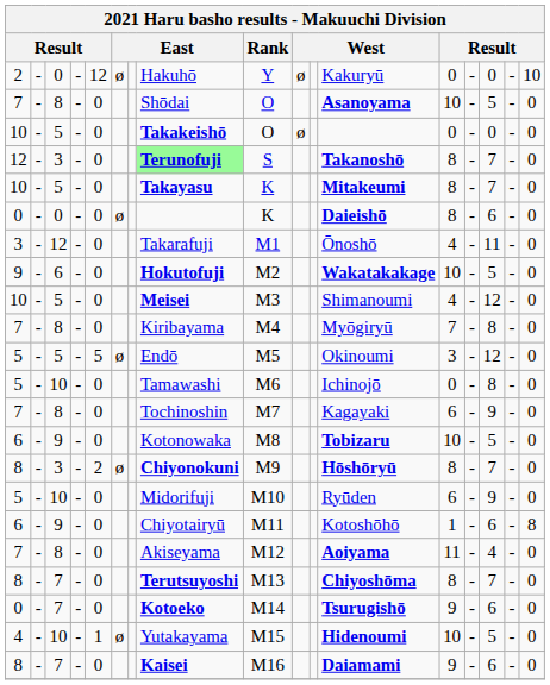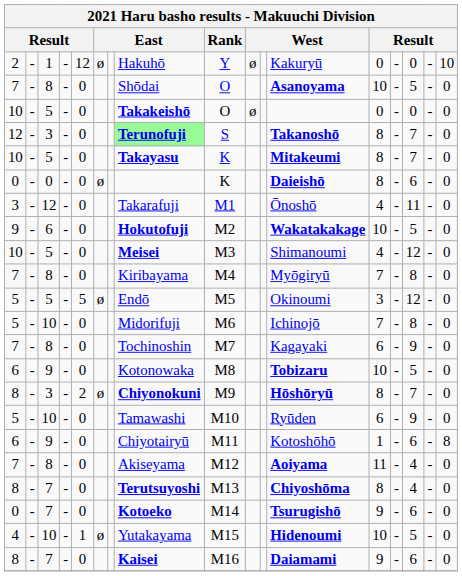 <table class="wikitable" style="text-align:center">
 <tr>
 <th colspan="17">2021 Haru basho results - Makuuchi Division</th>
 </tr>
 <tr>
 <th colspan="5">Result</th>
 <th colspan="3">East</th>
 <th>Rank</th>
 <th colspan="3">West</th>
 <th colspan="5">Result</th>
 </tr>
 <tr>
 <td>2</td>
 <td>-</td>
-<td>0</td>
+<td>1</td>
 <td>-</td>
 <td>12</td>
 <td>ø</td>
 <td></td>
 <td style="text-align:left;"><a href='#'>Hakuhō</a></td>
 <td><a href='#'>Y</a></td>
 <td>ø</td>
 <td></td>
 <td style="text-align:left;"><a href='#'>Kakuryū</a></td>
 <td>0</td>
 <td>-</td>
 <td>0</td>
 <td>-</td>
 <td>10</td>
 </tr>
 <tr>
 <td>7</td>
 <td>-</td>
 <td>8</td>
 <td>-</td>
 <td>0</td>
 <td></td>
 <td></td>
 <td style="text-align:left;"><a href='#'>Shōdai</a></td>
 <td><a href='#'>O</a></td>
 <td></td>
 <td></td>
 <td style="text-align:left;"><strong><a href='#'>Asanoyama</a></strong></td>
 <td>10</td>
 <td>-</td>
 <td>5</td>
 <td>-</td>
 <td>0</td>
 </tr>
 <tr>
 <td>10</td>
 <td>-</td>
 <td>5</td>
 <td>-</td>
 <td>0</td>
 <td></td>
 <td></td>
 <td style="text-align:left;"><strong><a href='#'>Takakeishō</a></strong></td>
 <td>O</td>
 <td>ø</td>
 <td></td>
 <td></td>
 <td>0</td>
 <td>-</td>
 <td>0</td>
 <td>-</td>
 <td>0</td>
 </tr>
 <tr>
 <td>12</td>
 <td>-</td>
 <td>3</td>
 <td>-</td>
 <td>0</td>
 <td></td>
 <td></td>
 <td style="text-align:left;background: PaleGreen;"><strong><a href='#'>Terunofuji</a></strong></td>
 <td><a href='#'>S</a></td>
 <td></td>
 <td></td>
 <td style="text-align:left;"><strong><a href='#'>Takanoshō</a></strong></td>
 <td>8</td>
 <td>-</td>
 <td>7</td>
 <td>-</td>
 <td>0</td>
 </tr>
 <tr>
 <td>10</td>
 <td>-</td>
 <td>5</td>
 <td>-</td>
 <td>0</td>
 <td></td>
 <td></td>
 <td style="text-align:left;"><strong><a href='#'>Takayasu</a></strong></td>
 <td><a href='#'>K</a></td>
 <td></td>
 <td></td>
 <td style="text-align:left;"><strong><a href='#'>Mitakeumi</a></strong></td>
 <td>8</td>
 <td>-</td>
 <td>7</td>
 <td>-</td>
 <td>0</td>
 </tr>
 <tr>
 <td>0</td>
 <td>-</td>
 <td>0</td>
 <td>-</td>
 <td>0</td>
 <td>ø</td>
 <td></td>
 <td></td>
 <td>K</td>
 <td></td>
 <td></td>
 <td style="text-align:left;"><strong><a href='#'>Daieishō</a></strong></td>
 <td>8</td>
 <td>-</td>
 <td>6</td>
 <td>-</td>
 <td>0</td>
 </tr>
 <tr>
 <td>3</td>
 <td>-</td>
 <td>12</td>
 <td>-</td>
 <td>0</td>
 <td></td>
 <td></td>
 <td style="text-align:left;"><a href='#'>Takarafuji</a></td>
 <td><a href='#'>M1</a></td>
 <td></td>
 <td></td>
 <td style="text-align:left;"><a href='#'>Ōnoshō</a></td>
 <td>4</td>
 <td>-</td>
 <td>11</td>
 <td>-</td>
 <td>0</td>
 </tr>
 <tr>
 <td>9</td>
 <td>-</td>
 <td>6</td>
 <td>-</td>
 <td>0</td>
 <td></td>
 <td></td>
 <td style="text-align:left;"><strong><a href='#'>Hokutofuji</a></strong></td>
 <td>M2</td>
 <td></td>
 <td></td>
 <td style="text-align:left;"><strong><a href='#'>Wakatakakage</a></strong></td>
 <td>10</td>
 <td>-</td>
 <td>5</td>
 <td>-</td>
 <td>0</td>
 </tr>
 <tr>
 <td>10</td>
 <td>-</td>
 <td>5</td>
 <td>-</td>
 <td>0</td>
 <td></td>
 <td></td>
 <td style="text-align:left;"><strong><a href='#'>Meisei</a></strong></td>
 <td>M3</td>
 <td></td>
 <td></td>
 <td style="text-align:left;"><a href='#'>Shimanoumi</a></td>
 <td>4</td>
 <td>-</td>
 <td>12</td>
 <td>-</td>
 <td>0</td>
 </tr>
 <tr>
 <td>7</td>
 <td>-</td>
 <td>8</td>
 <td>-</td>
 <td>0</td>
 <td></td>
 <td></td>
 <td style="text-align:left;"><a href='#'>Kiribayama</a></td>
 <td>M4</td>
 <td></td>
 <td></td>
 <td style="text-align:left;"><a href='#'>Myōgiryū</a></td>
 <td>7</td>
 <td>-</td>
 <td>8</td>
 <td>-</td>
 <td>0</td>
 </tr>
 <tr>
 <td>5</td>
 <td>-</td>
 <td>5</td>
 <td>-</td>
 <td>5</td>
 <td>ø</td>
 <td></td>
 <td style="text-align:left;"><a href='#'>Endō</a></td>
 <td>M5</td>
 <td></td>
 <td></td>
 <td style="text-align:left;"><a href='#'>Okinoumi</a></td>
 <td>3</td>
 <td>-</td>
 <td>12</td>
 <td>-</td>
 <td>0</td>
 </tr>
 <tr>
 <td>5</td>
 <td>-</td>
 <td>10</td>
 <td>-</td>
 <td>0</td>
 <td></td>
 <td></td>
-<td style="text-align:left;"><a href='#'>Tamawashi</a></td>
+<td style="text-align:left;"><a href='#'>Midorifuji</a></td>
 <td>M6</td>
 <td></td>
 <td></td>
 <td style="text-align:left;"><a href='#'>Ichinojō</a></td>
-<td>0</td>
+<td>7</td>
 <td>-</td>
 <td>8</td>
 <td>-</td>
 <td>0</td>
 </tr>
 <tr>
 <td>7</td>
 <td>-</td>
 <td>8</td>
 <td>-</td>
 <td>0</td>
 <td></td>
 <td></td>
 <td style="text-align:left;"><a href='#'>Tochinoshin</a></td>
 <td>M7</td>
 <td></td>
 <td></td>
 <td style="text-align:left;"><a href='#'>Kagayaki</a></td>
 <td>6</td>
 <td>-</td>
 <td>9</td>
 <td>-</td>
 <td>0</td>
 </tr>
 <tr>
 <td>6</td>
 <td>-</td>
 <td>9</td>
 <td>-</td>
 <td>0</td>
 <td></td>
 <td></td>
 <td style="text-align:left;"><a href='#'>Kotonowaka</a></td>
 <td>M8</td>
 <td></td>
 <td></td>
 <td style="text-align:left;"><strong><a href='#'>Tobizaru</a></strong></td>
 <td>10</td>
 <td>-</td>
 <td>5</td>
 <td>-</td>
 <td>0</td>
 </tr>
 <tr>
 <td>8</td>
 <td>-</td>
 <td>3</td>
 <td>-</td>
 <td>2</td>
 <td>ø</td>
 <td></td>
 <td style="text-align:left;"><strong><a href='#'>Chiyonokuni</a></strong></td>
 <td>M9</td>
 <td></td>
 <td></td>
 <td style="text-align:left;"><strong><a href='#'>Hōshōryū</a></strong></td>
 <td>8</td>
 <td>-</td>
 <td>7</td>
 <td>-</td>
 <td>0</td>
 </tr>
 <tr>
 <td>5</td>
 <td>-</td>
 <td>10</td>
 <td>-</td>
 <td>0</td>
 <td></td>
 <td></td>
-<td style="text-align:left;"><a href='#'>Midorifuji</a></td>
+<td style="text-align:left;"><a href='#'>Tamawashi</a></td>
 <td>M10</td>
 <td></td>
 <td></td>
 <td style="text-align:left;"><a href='#'>Ryūden</a></td>
 <td>6</td>
 <td>-</td>
 <td>9</td>
 <td>-</td>
 <td>0</td>
 </tr>
 <tr>
 <td>6</td>
 <td>-</td>
 <td>9</td>
 <td>-</td>
 <td>0</td>
 <td></td>
 <td></td>
 <td style="text-align:left;"><a href='#'>Chiyotairyū</a></td>
 <td>M11</td>
 <td></td>
 <td></td>
 <td style="text-align:left;"><a href='#'>Kotoshōhō</a></td>
 <td>1</td>
 <td>-</td>
 <td>6</td>
 <td>-</td>
 <td>8</td>
 </tr>
 <tr>
 <td>7</td>
 <td>-</td>
 <td>8</td>
 <td>-</td>
 <td>0</td>
 <td></td>
 <td></td>
 <td style="text-align:left;"><a href='#'>Akiseyama</a></td>
 <td>M12</td>
 <td></td>
 <td></td>
 <td style="text-align:left;"><strong><a href='#'>Aoiyama</a></strong></td>
 <td>11</td>
 <td>-</td>
 <td>4</td>
 <td>-</td>
 <td>0</td>
 </tr>
 <tr>
 <td>8</td>
 <td>-</td>
 <td>7</td>
 <td>-</td>
 <td>0</td>
 <td></td>
 <td></td>
 <td style="text-align:left;"><strong><a href='#'>Terutsuyoshi</a></strong></td>
 <td>M13</td>
 <td></td>
 <td></td>
 <td style="text-align:left;"><strong><a href='#'>Chiyoshōma</a></strong></td>
 <td>8</td>
 <td>-</td>
-<td>7</td>
+<td>4</td>
 <td>-</td>
 <td>0</td>
 </tr>
 <tr>
 <td>0</td>
 <td>-</td>
 <td>7</td>
 <td>-</td>
 <td>0</td>
 <td></td>
 <td></td>
 <td style="text-align:left;"><strong><a href='#'>Kotoeko</a></strong></td>
 <td>M14</td>
 <td></td>
 <td></td>
 <td style="text-align:left;"><strong><a href='#'>Tsurugishō</a></strong></td>
 <td>9</td>
 <td>-</td>
 <td>6</td>
 <td>-</td>
 <td>0</td>
 </tr>
 <tr>
 <td>4</td>
 <td>-</td>
 <td>10</td>
 <td>-</td>
 <td>1</td>
 <td>ø</td>
 <td></td>
 <td style="text-align:left;"><a href='#'>Yutakayama</a></td>
 <td>M15</td>
 <td></td>
 <td></td>
 <td style="text-align:left;"><strong><a href='#'>Hidenoumi</a></strong></td>
 <td>10</td>
 <td>-</td>
 <td>5</td>
 <td>-</td>
 <td>0</td>
 </tr>
 <tr>
 <td>8</td>
 <td>-</td>
 <td>7</td>
 <td>-</td>
 <td>0</td>
 <td></td>
 <td></td>
 <td style="text-align:left;"><strong><a href='#'>Kaisei</a></strong></td>
 <td>M16</td>
 <td></td>
 <td></td>
 <td style="text-align:left;"><strong><a href='#'>Daiamami</a></strong></td>
 <td>9</td>
 <td>-</td>
 <td>6</td>
 <td>-</td>
 <td>0</td>
 </tr>
 <tr>
 </tr>
 </table>
